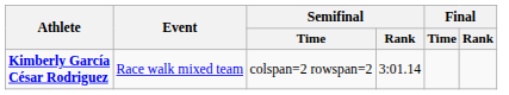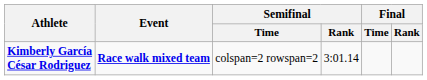 <table class=wikitable style=font-size:90%;text-align:center>
 <tr>
 <th rowspan=2>Athlete</th>
 <th rowspan=2>Event</th>
 <th colspan=2>Semifinal</th>
 <th colspan=2>Final</th>
 </tr>
 <tr style=font-size:95%>
 <th>Time</th>
 <th>Rank</th>
 <th>Time</th>
 <th>Rank</th>
 </tr>
 <tr>
 <td align=left><strong><a href='#'>Kimberly García</a><br><a href='#'>César Rodriguez</a></strong></td>
-<td align=left><a href='#'>Race walk mixed team</a></td>
+<td align=left><strong><a href='#'>Race walk mixed team</a></strong></td>
 <td>colspan=2 rowspan=2 </td>
 <td>3:01.14</td>
 <td></td>
 </tr>
 </table>
